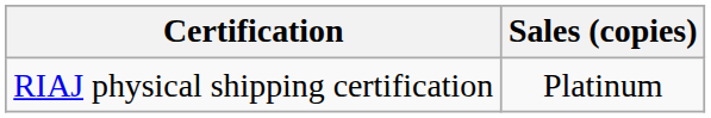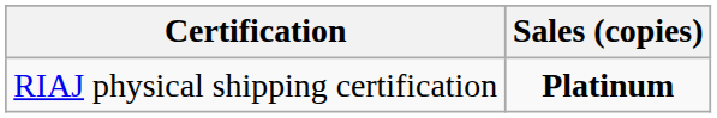 <table class="wikitable">
 <tr>
 <th>Certification</th>
 <th>Sales (copies)</th>
 </tr>
 <tr>
 <td><a href='#'>RIAJ</a> physical shipping certification</td>
-<td style="text-align:center;">Platinum</td>
+<td style="text-align:center;"><strong>Platinum</strong></td>
 </tr>
 </table>
